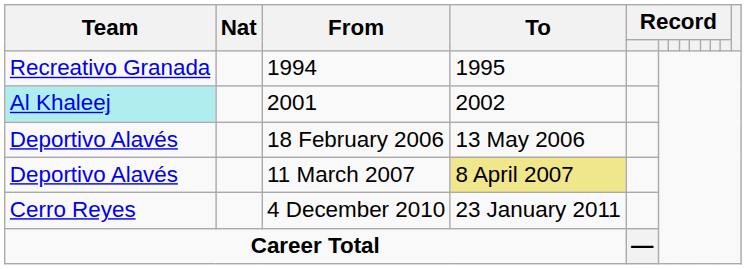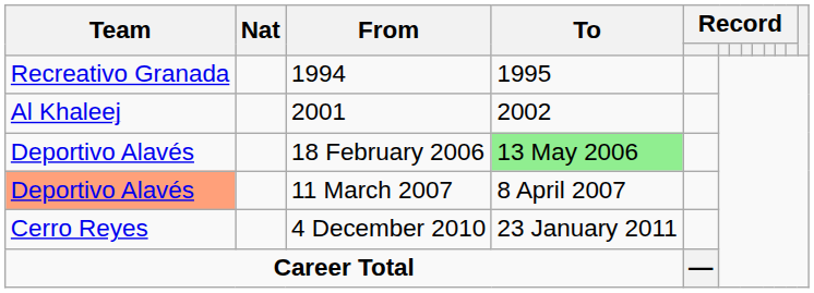 <table class="wikitable" style="text-align: center">
 <tr>
 <th rowspan="2">Team</th>
 <th rowspan="2">Nat</th>
 <th rowspan="2">From</th>
 <th rowspan="2">To</th>
 <th colspan="8">Record</th>
 <th rowspan=2></th>
 </tr>
 <tr>
 <th></th>
 <th></th>
 <th></th>
 <th></th>
 <th></th>
 <th></th>
 <th></th>
 <th></th>
 </tr>
 <tr>
 <td align="left"><a href='#'>Recreativo Granada</a></td>
 <td></td>
 <td align=left>1994</td>
 <td align=left>1995<br></td>
 <td></td>
 </tr>
 <tr>
-<td align="left" style="background: paleturquoise;"><a href='#'>Al Khaleej</a></td>
+<td align="left"><a href='#'>Al Khaleej</a></td>
 <td></td>
 <td align=left>2001</td>
 <td align=left>2002<br></td>
 <td></td>
 </tr>
 <tr>
 <td align="left"><a href='#'>Deportivo Alavés</a></td>
 <td></td>
 <td align=left>18 February 2006</td>
-<td align=left>13 May 2006<br></td>
+<td align=left style="background: lightgreen;">13 May 2006<br></td>
 <td></td>
 </tr>
 <tr>
-<td align="left"><a href='#'>Deportivo Alavés</a></td>
+<td align="left" style="background: lightsalmon;"><a href='#'>Deportivo Alavés</a></td>
 <td></td>
 <td align=left>11 March 2007</td>
-<td align=left style="background: khaki;">8 April 2007<br></td>
+<td align=left>8 April 2007<br></td>
 <td></td>
 </tr>
 <tr>
 <td align="left"><a href='#'>Cerro Reyes</a></td>
 <td></td>
 <td align=left>4 December 2010</td>
 <td align=left>23 January 2011<br></td>
 <td></td>
 </tr>
 <tr>
 <td colspan=4><strong>Career Total</strong><br></td>
 <th>—</th>
 </tr>
 </table>
